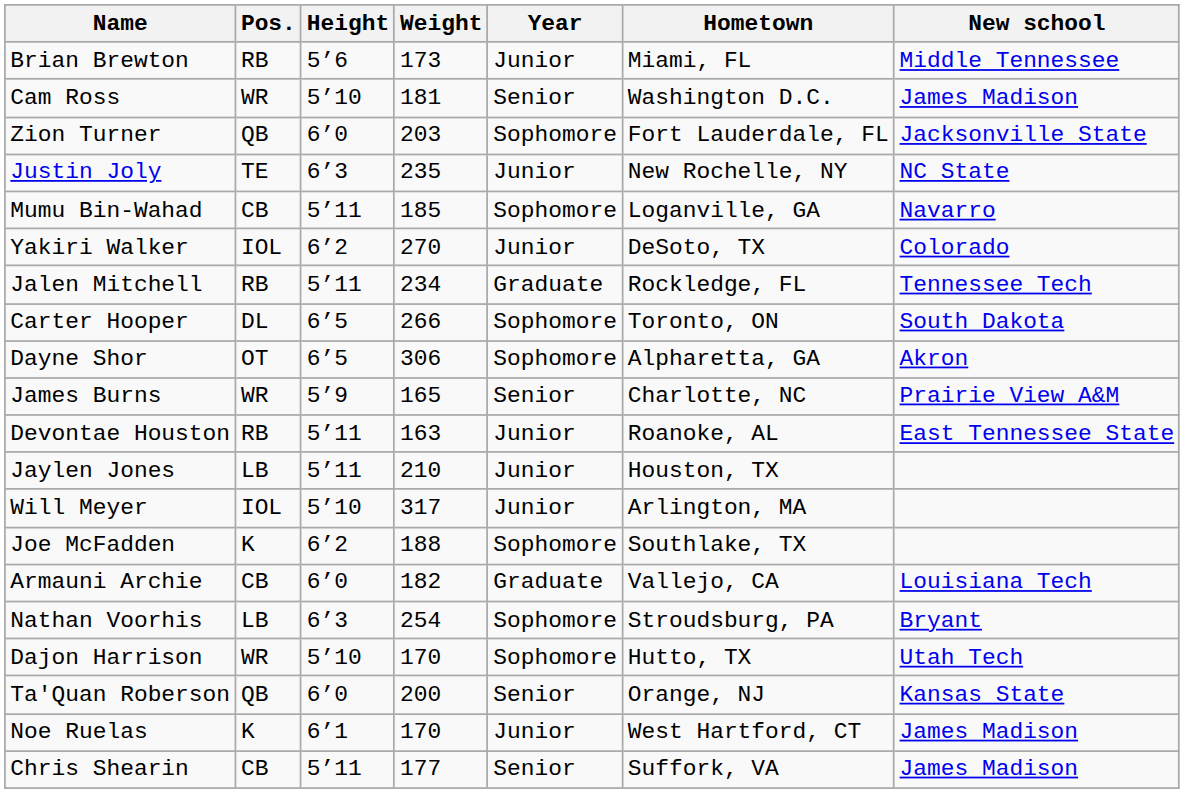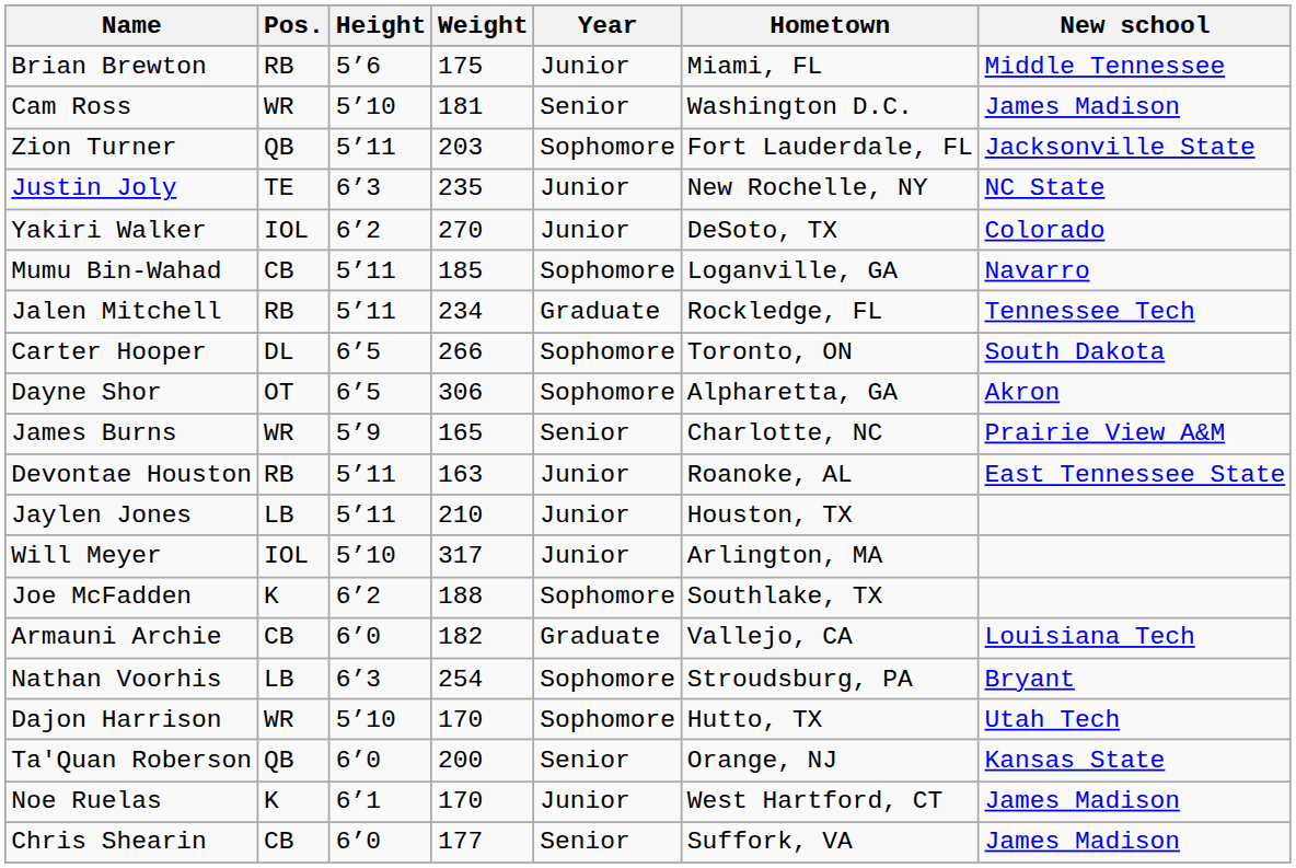 <table class="wikitable sortable">
 <tr>
 <th style="text-align:center; ">Name</th>
 <th style="text-align:center; ">Pos.</th>
 <th style="text-align:center; ">Height</th>
 <th style="text-align:center; ">Weight</th>
 <th style="text-align:center; ">Year</th>
 <th style="text-align:center; ">Hometown</th>
 <th style="text-align:center; ">New school</th>
 </tr>
 <tr>
 <td>Brian Brewton</td>
 <td>RB</td>
 <td>5’6</td>
-<td>173</td>
+<td>175</td>
 <td>Junior</td>
 <td>Miami, FL</td>
 <td><a href='#'>Middle Tennessee</a></td>
 </tr>
 <tr>
 <td>Cam Ross</td>
 <td>WR</td>
 <td>5’10</td>
 <td>181</td>
 <td> Senior</td>
 <td>Washington D.C.</td>
 <td><a href='#'>James Madison</a></td>
 </tr>
 <tr>
 <td>Zion Turner</td>
 <td>QB</td>
-<td>6’0</td>
+<td>5’11</td>
 <td>203</td>
 <td> Sophomore</td>
 <td>Fort Lauderdale, FL</td>
 <td><a href='#'>Jacksonville State</a></td>
 </tr>
 <tr>
 <td><a href='#'>Justin Joly</a></td>
 <td>TE</td>
 <td>6’3</td>
 <td>235</td>
 <td>Junior</td>
 <td>New Rochelle, NY</td>
 <td><a href='#'>NC State</a></td>
 </tr>
 <tr>
+<td>Yakiri Walker</td>
+<td>IOL</td>
+<td>6’2</td>
+<td>270</td>
+<td> Junior</td>
+<td>DeSoto, TX</td>
+<td><a href='#'>Colorado</a></td>
+</tr>
+<tr>
 <td>Mumu Bin-Wahad</td>
 <td>CB</td>
 <td>5’11</td>
 <td>185</td>
 <td>Sophomore</td>
 <td>Loganville, GA</td>
 <td><a href='#'>Navarro</a></td>
-</tr>
-<tr>
-<td>Yakiri Walker</td>
-<td>IOL</td>
-<td>6’2</td>
-<td>270</td>
-<td> Junior</td>
-<td>DeSoto, TX</td>
-<td><a href='#'>Colorado</a></td>
 </tr>
 <tr>
 <td>Jalen Mitchell</td>
 <td>RB</td>
 <td>5’11</td>
 <td>234</td>
 <td>Graduate</td>
 <td>Rockledge, FL</td>
 <td><a href='#'>Tennessee Tech</a></td>
 </tr>
 <tr>
 <td>Carter Hooper</td>
 <td>DL</td>
 <td>6’5</td>
 <td>266</td>
 <td> Sophomore</td>
 <td>Toronto, ON</td>
 <td><a href='#'>South Dakota</a></td>
 </tr>
 <tr>
 <td>Dayne Shor</td>
 <td>OT</td>
 <td>6’5</td>
 <td>306</td>
 <td> Sophomore</td>
 <td>Alpharetta, GA</td>
 <td><a href='#'>Akron</a></td>
 </tr>
 <tr>
 <td>James Burns</td>
 <td>WR</td>
 <td>5’9</td>
 <td>165</td>
 <td>Senior</td>
 <td>Charlotte, NC</td>
 <td><a href='#'>Prairie View A&M</a></td>
 </tr>
 <tr>
 <td>Devontae Houston</td>
 <td>RB</td>
 <td>5’11</td>
 <td>163</td>
 <td>Junior</td>
 <td>Roanoke, AL</td>
 <td><a href='#'>East Tennessee State</a></td>
 </tr>
 <tr>
 <td>Jaylen Jones</td>
 <td>LB</td>
 <td>5’11</td>
 <td>210</td>
 <td> Junior</td>
 <td>Houston, TX</td>
 <td></td>
 </tr>
 <tr>
 <td>Will Meyer</td>
 <td>IOL</td>
 <td>5’10</td>
 <td>317</td>
 <td>Junior</td>
 <td>Arlington, MA</td>
 <td></td>
 </tr>
 <tr>
 <td>Joe McFadden</td>
 <td>K</td>
 <td>6’2</td>
 <td>188</td>
 <td> Sophomore</td>
 <td>Southlake, TX</td>
 <td></td>
 </tr>
 <tr>
 <td>Armauni Archie</td>
 <td>CB</td>
 <td>6’0</td>
 <td>182</td>
 <td>Graduate</td>
 <td>Vallejo, CA</td>
 <td><a href='#'>Louisiana Tech</a></td>
 </tr>
 <tr>
 <td>Nathan Voorhis</td>
 <td>LB</td>
 <td>6’3</td>
 <td>254</td>
 <td>Sophomore</td>
 <td>Stroudsburg, PA</td>
 <td><a href='#'>Bryant</a></td>
 </tr>
 <tr>
 <td>Dajon Harrison</td>
 <td>WR</td>
 <td>5’10</td>
 <td>170</td>
 <td> Sophomore</td>
 <td>Hutto, TX</td>
 <td><a href='#'>Utah Tech</a></td>
 </tr>
 <tr>
 <td>Ta'Quan Roberson</td>
 <td>QB</td>
 <td>6’0</td>
 <td>200</td>
 <td>Senior</td>
 <td>Orange, NJ</td>
 <td><a href='#'>Kansas State</a></td>
 </tr>
 <tr>
 <td>Noe Ruelas</td>
 <td>K</td>
 <td>6’1</td>
 <td>170</td>
 <td>Junior</td>
 <td>West Hartford, CT</td>
 <td><a href='#'>James Madison</a></td>
 </tr>
 <tr>
 <td>Chris Shearin</td>
 <td>CB</td>
-<td>5’11</td>
+<td>6’0</td>
 <td>177</td>
 <td>Senior</td>
 <td>Suffork, VA</td>
 <td><a href='#'>James Madison</a></td>
 </tr>
 </table>
